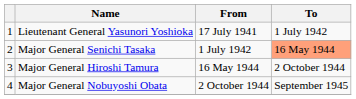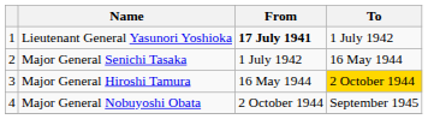 <table class=wikitable>
 <tr>
 <th></th>
 <th>Name</th>
 <th>From</th>
 <th>To</th>
 </tr>
 <tr>
 <td>1</td>
 <td>Lieutenant General <a href='#'>Yasunori Yoshioka</a></td>
-<td>17 July 1941</td>
+<td><strong>17 July 1941</strong></td>
 <td>1 July 1942</td>
 </tr>
 <tr>
 <td>2</td>
 <td>Major General <a href='#'>Senichi Tasaka</a></td>
 <td>1 July 1942</td>
-<td style="background: lightsalmon;">16 May 1944</td>
+<td>16 May 1944</td>
 </tr>
 <tr>
 <td>3</td>
 <td>Major General <a href='#'>Hiroshi Tamura</a></td>
 <td>16 May 1944</td>
-<td>2 October 1944</td>
+<td style="background: gold;">2 October 1944</td>
 </tr>
 <tr>
 <td>4</td>
 <td>Major General <a href='#'>Nobuyoshi Obata</a></td>
 <td>2 October 1944</td>
 <td>September 1945</td>
 </tr>
 <tr>
 </tr>
 </table>
